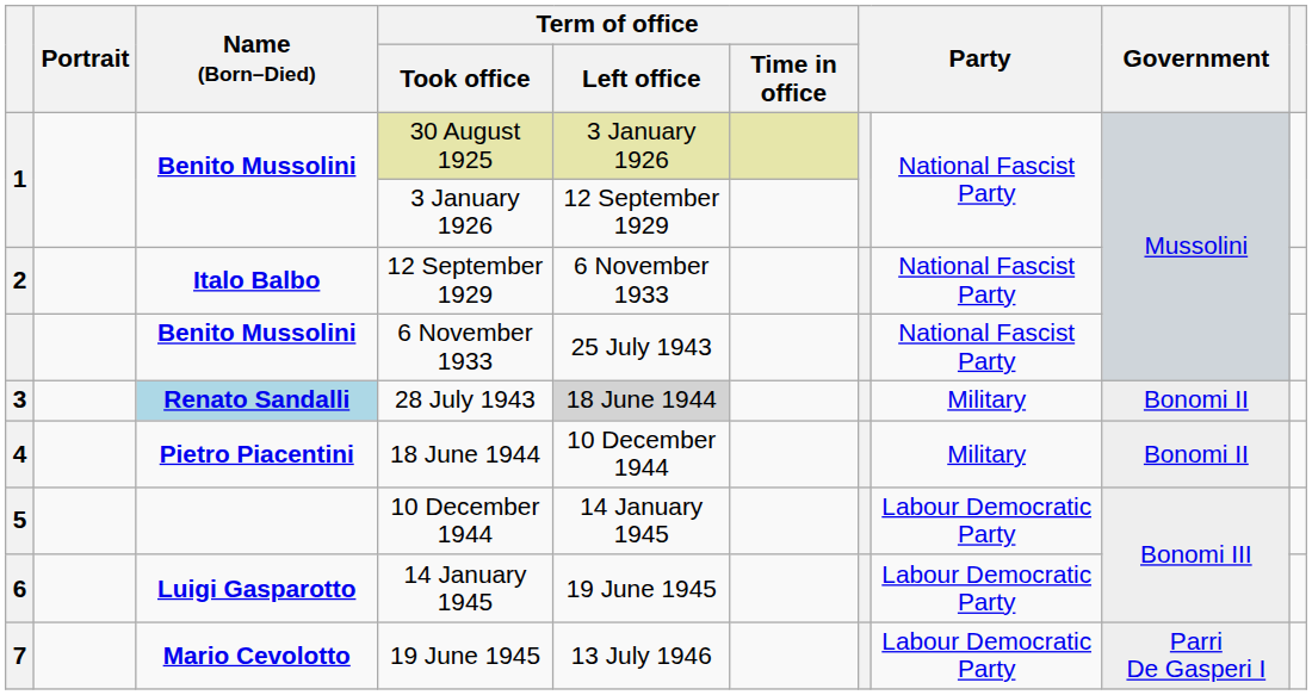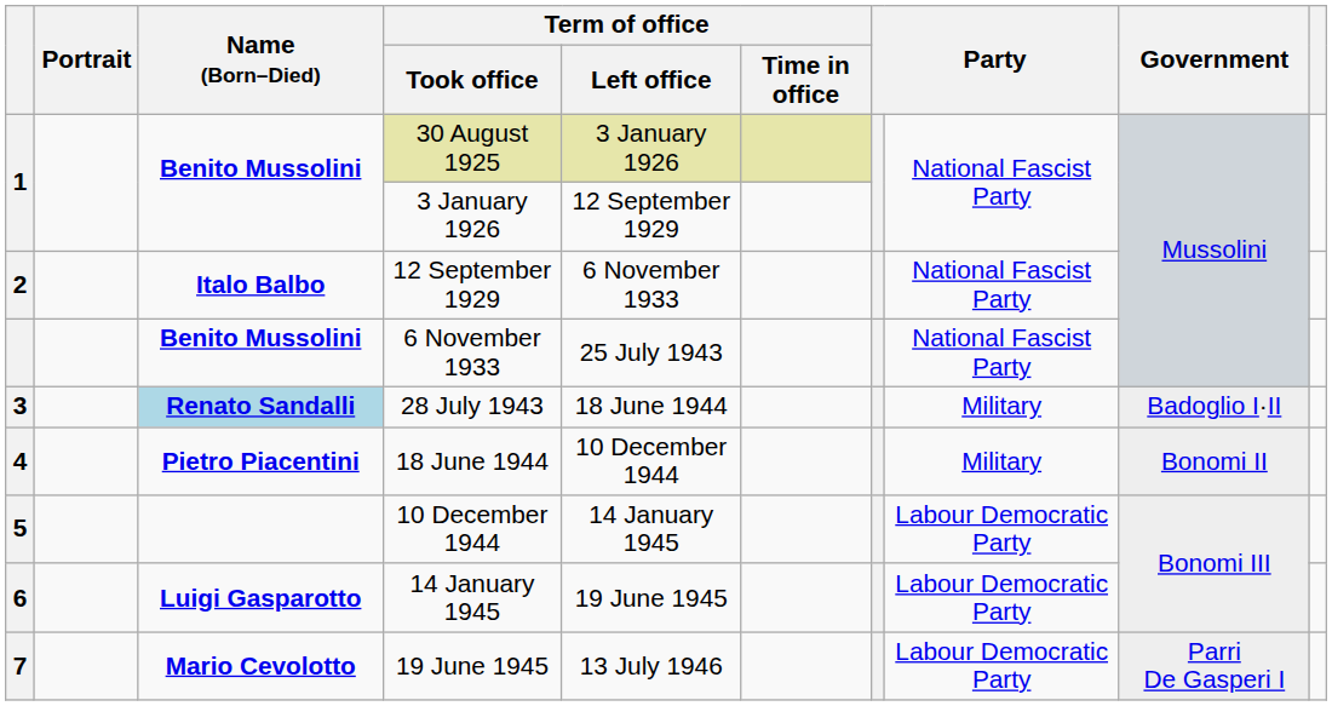 <table class="wikitable" style="text-align:center; style="width=95%">
 <tr>
 <th width=1% rowspan=2></th>
 <th width=1% rowspan=2>Portrait</th>
 <th width=15% rowspan=2>Name<br><small>(Born–Died)</small></th>
 <th width=30% colspan=3>Term of office</th>
 <th width=15% rowspan=2 colspan=2>Party</th>
 <th width=10% rowspan=2>Government</th>
 <th width=1% rowspan=2></th>
 </tr>
 <tr style="text-align:center;">
 <th width=11%>Took office</th>
 <th width=11%>Left office</th>
 <th width=8%>Time in office</th>
 </tr>
 <tr style="text-align:center;">
 <th rowspan=2>1</th>
 <td rowspan=2></td>
 <td rowspan=2><strong><a href='#'>Benito Mussolini</a></strong><br><br><em></em></td>
 <td style="background:#E6E6AA">30 August 1925</td>
 <td style="background:#E6E6AA">3 January 1926</td>
 <td style="background:#E6E6AA"></td>
 <th rowspan=2 style="background:"></th>
 <td rowspan=2><a href='#'>National Fascist Party</a></td>
 <td rowspan=4 bgcolor=#CFD5DA><a href='#'>Mussolini</a></td>
 <td rowspan=2></td>
 </tr>
 <tr>
 <td>3 January 1926</td>
 <td>12 September 1929</td>
 <td></td>
 </tr>
 <tr>
 <th>2</th>
 <td></td>
 <td><strong><a href='#'>Italo Balbo</a></strong><br></td>
 <td>12 September 1929</td>
 <td>6 November 1933</td>
 <td></td>
 <th style="background:"></th>
 <td><a href='#'>National Fascist Party</a></td>
 <td></td>
 </tr>
 <tr>
 <th></th>
 <td></td>
 <td><strong><a href='#'>Benito Mussolini</a></strong><br><br><em></em></td>
 <td>6 November 1933</td>
 <td>25 July 1943</td>
 <td></td>
 <th style="background:"></th>
 <td><a href='#'>National Fascist Party</a></td>
 <td></td>
 </tr>
 <tr>
 <th>3</th>
 <td></td>
 <td style="background: lightblue;"><strong><a href='#'>Renato Sandalli</a></strong><br></td>
 <td>28 July 1943</td>
-<td style="background: lightgrey;">18 June 1944</td>
+<td>18 June 1944</td>
 <td></td>
 <th style="background:"></th>
 <td><a href='#'>Military</a></td>
-<td bgcolor=#EEEEEE><a href='#'>Bonomi II</a></td>
+<td bgcolor=#EEEEEE><a href='#'>Badoglio I</a>·<a href='#'>II</a></td>
 <td></td>
 </tr>
 <tr>
 <th>4</th>
 <td></td>
 <td><strong><a href='#'>Pietro Piacentini</a></strong><br></td>
 <td>18 June 1944</td>
 <td>10 December 1944</td>
 <td></td>
 <th style="background:"></th>
 <td><a href='#'>Military</a></td>
 <td bgcolor=#EEEEEE><a href='#'>Bonomi II</a></td>
 <td></td>
 </tr>
 <tr>
 <th>5</th>
 <td></td>
 <td><strong></strong><br></td>
 <td>10 December 1944</td>
 <td>14 January 1945</td>
 <td></td>
 <th style="background:"></th>
 <td><a href='#'>Labour Democratic Party</a></td>
 <td rowspan=2 bgcolor=#EEEEEE><a href='#'>Bonomi III</a></td>
 <td></td>
 </tr>
 <tr>
 <th>6</th>
 <td></td>
 <td><strong><a href='#'>Luigi Gasparotto</a></strong><br></td>
 <td>14 January 1945</td>
 <td>19 June 1945</td>
 <td></td>
 <th style="background:"></th>
 <td><a href='#'>Labour Democratic Party</a></td>
 <td></td>
 </tr>
 <tr>
 <th>7</th>
 <td></td>
 <td><strong><a href='#'>Mario Cevolotto</a></strong><br></td>
 <td>19 June 1945</td>
 <td>13 July 1946</td>
 <td></td>
 <th style="background:"></th>
 <td><a href='#'>Labour Democratic Party</a></td>
 <td bgcolor=#EEEEEE><a href='#'>Parri</a><br><a href='#'>De Gasperi I</a></td>
 <td></td>
 </tr>
 </table>
